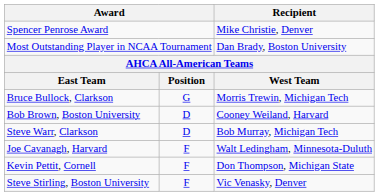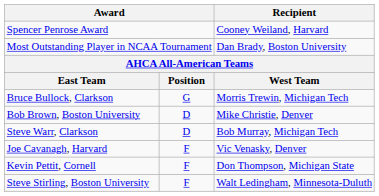 <table class="wikitable">
 <tr>
 <th colspan=2>Award</th>
 <th>Recipient</th>
 </tr>
 <tr>
 <td colspan=2><a href='#'>Spencer Penrose Award</a></td>
-<td><a href='#'>Mike Christie</a>, <a href='#'>Denver</a></td>
+<td><a href='#'>Cooney Weiland</a>, <a href='#'>Harvard</a></td>
 </tr>
 <tr>
 <td colspan=2><a href='#'>Most Outstanding Player in NCAA Tournament</a></td>
 <td><a href='#'>Dan Brady</a>, <a href='#'>Boston University</a></td>
 </tr>
 <tr>
 <th colspan=3><a href='#'>AHCA All-American Teams</a></th>
 </tr>
 <tr>
 <th>East Team</th>
 <th>  Position  </th>
 <th>West Team</th>
 </tr>
 <tr>
 <td><a href='#'>Bruce Bullock</a>, <a href='#'>Clarkson</a></td>
 <td align=center><a href='#'>G</a></td>
 <td><a href='#'>Morris Trewin</a>, <a href='#'>Michigan Tech</a></td>
 </tr>
 <tr>
 <td><a href='#'>Bob Brown</a>, <a href='#'>Boston University</a></td>
 <td align=center><a href='#'>D</a></td>
-<td><a href='#'>Cooney Weiland</a>, <a href='#'>Harvard</a></td>
+<td><a href='#'>Mike Christie</a>, <a href='#'>Denver</a></td>
 </tr>
 <tr>
 <td><a href='#'>Steve Warr</a>, <a href='#'>Clarkson</a></td>
 <td align=center><a href='#'>D</a></td>
 <td><a href='#'>Bob Murray</a>, <a href='#'>Michigan Tech</a></td>
 </tr>
 <tr>
 <td><a href='#'>Joe Cavanagh</a>, <a href='#'>Harvard</a></td>
 <td align=center><a href='#'>F</a></td>
-<td><a href='#'>Walt Ledingham</a>, <a href='#'>Minnesota-Duluth</a></td>
+<td><a href='#'>Vic Venasky</a>, <a href='#'>Denver</a></td>
 </tr>
 <tr>
 <td><a href='#'>Kevin Pettit</a>, <a href='#'>Cornell</a></td>
 <td align=center><a href='#'>F</a></td>
 <td><a href='#'>Don Thompson</a>, <a href='#'>Michigan State</a></td>
 </tr>
 <tr>
 <td><a href='#'>Steve Stirling</a>, <a href='#'>Boston University</a></td>
 <td align=center><a href='#'>F</a></td>
-<td><a href='#'>Vic Venasky</a>, <a href='#'>Denver</a></td>
+<td><a href='#'>Walt Ledingham</a>, <a href='#'>Minnesota-Duluth</a></td>
 </tr>
 </table>
